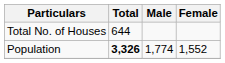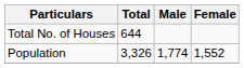 <table class="wikitable sortable">
 <tr>
 <th>Particulars</th>
 <th>Total</th>
 <th>Male</th>
 <th>Female</th>
 </tr>
 <tr>
 <td>Total No. of Houses</td>
 <td>644</td>
 <td></td>
 <td></td>
 </tr>
 <tr>
 <td>Population</td>
-<td><strong>3,326</strong></td>
+<td>3,326</td>
 <td>1,774</td>
 <td>1,552</td>
 </tr>
 <tr>
 </tr>
 </table>
